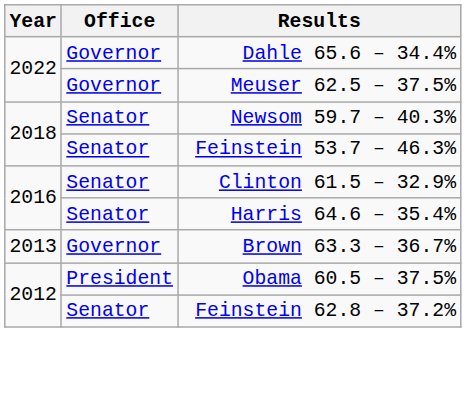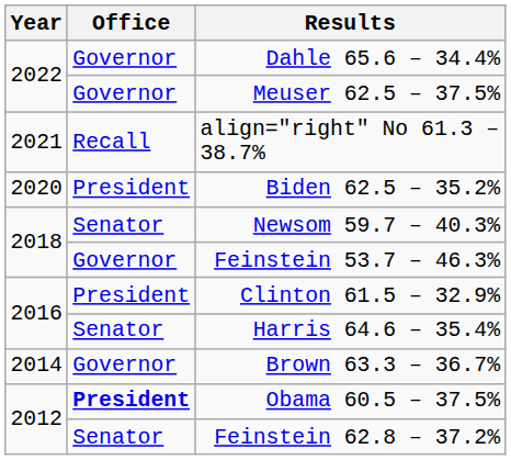 <table class=wikitable>
 <tr>
 <th width="30">Year</th>
 <th width="60">Office</th>
 <th width="180">Results</th>
 </tr>
 <tr>
 <td rowspan="2">2022</td>
 <td><a href='#'>Governor</a></td>
 <td align="right" ><a href='#'>Dahle</a> 65.6 – 34.4%</td>
 </tr>
 <tr>
 <td><a href='#'>Governor</a></td>
 <td align="right" ><a href='#'>Meuser</a> 62.5 – 37.5%</td>
 </tr>
 <tr>
+<td>2021</td>
+<td><a href='#'>Recall</a></td>
+<td>align="right"  No 61.3 – 38.7%</td>
+</tr>
+<tr>
+<td>2020</td>
+<td><a href='#'>President</a></td>
+<td align="right" ><a href='#'>Biden</a> 62.5 – 35.2%</td>
+</tr>
+<tr>
 <td rowspan="2">2018</td>
 <td><a href='#'>Senator</a></td>
 <td align="right" ><a href='#'>Newsom</a> 59.7 – 40.3%</td>
 </tr>
 <tr>
-<td><a href='#'>Senator</a></td>
+<td><a href='#'>Governor</a></td>
 <td align="right" ><a href='#'>Feinstein</a> 53.7 – 46.3%</td>
 </tr>
 <tr>
 <td rowspan="2">2016</td>
-<td><a href='#'>Senator</a></td>
+<td><a href='#'>President</a></td>
 <td align="right" ><a href='#'>Clinton</a> 61.5 – 32.9%</td>
 </tr>
 <tr>
 <td><a href='#'>Senator</a></td>
 <td align="right" ><a href='#'>Harris</a> 64.6 – 35.4%</td>
 </tr>
 <tr>
-<td>2013</td>
+<td>2014</td>
 <td><a href='#'>Governor</a></td>
 <td align="right" ><a href='#'>Brown</a> 63.3 – 36.7%</td>
 </tr>
 <tr>
 <td rowspan="2">2012</td>
-<td><a href='#'>President</a></td>
+<td><strong><a href='#'>President</a></strong></td>
 <td align="right" ><a href='#'>Obama</a> 60.5 – 37.5%</td>
 </tr>
 <tr>
 <td><a href='#'>Senator</a></td>
 <td align="right" ><a href='#'>Feinstein</a> 62.8 – 37.2%</td>
 </tr>
 </table>
